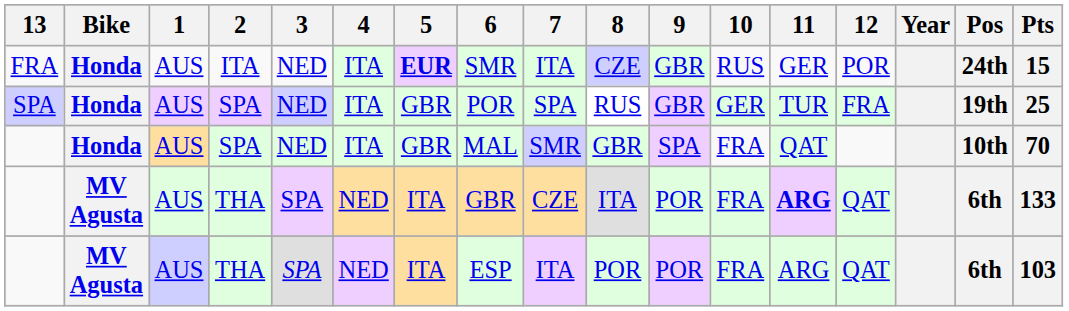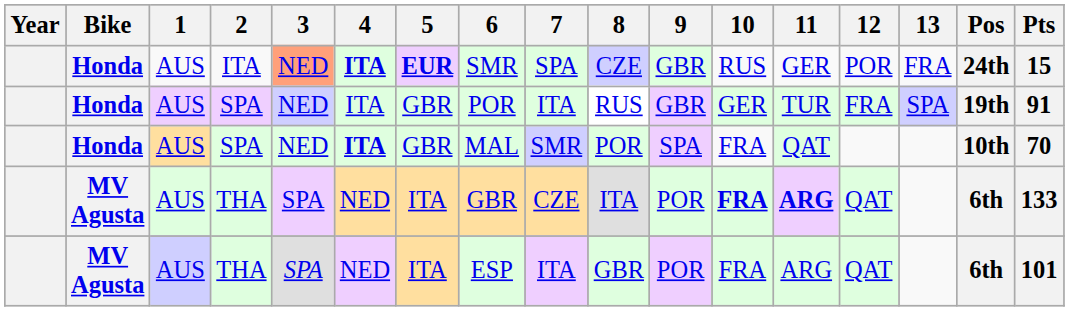 <table class="wikitable" style="text-align:center; font-size:90%;">
 <tr>
-<th>13</th>
+<th>Year</th>
 <th>Bike</th>
 <th>1</th>
 <th>2</th>
 <th>3</th>
 <th>4</th>
 <th>5</th>
 <th>6</th>
 <th>7</th>
 <th>8</th>
 <th>9</th>
 <th>10</th>
 <th>11</th>
 <th>12</th>
-<th>Year</th>
+<th>13</th>
 <th>Pos</th>
 <th>Pts</th>
 </tr>
 <tr>
-<td><a href='#'>FRA</a></td>
+<th></th>
 <th><a href='#'>Honda</a></th>
 <td><a href='#'>AUS</a></td>
 <td><a href='#'>ITA</a></td>
-<td><a href='#'>NED</a></td>
-<td style="background:#DFFFDF;"><a href='#'>ITA</a><br></td>
+<td style="background: lightsalmon;"><a href='#'>NED</a></td>
+<td style="background:#DFFFDF;"><strong><a href='#'>ITA</a><br></strong></td>
 <td style="background:#EFCFFF;"><strong><a href='#'>EUR</a><br></strong></td>
 <td style="background:#DFFFDF;"><a href='#'>SMR</a><br></td>
-<td style="background:#DFFFDF;"><a href='#'>ITA</a><br></td>
+<td style="background:#DFFFDF;"><a href='#'>SPA</a><br></td>
 <td style="background:#CFCFFF;"><a href='#'>CZE</a><br></td>
 <td style="background:#DFFFDF;"><a href='#'>GBR</a><br></td>
 <td><a href='#'>RUS</a></td>
 <td><a href='#'>GER</a></td>
 <td><a href='#'>POR</a></td>
-<th></th>
+<td><a href='#'>FRA</a></td>
 <th>24th</th>
 <th>15</th>
 </tr>
 <tr>
-<td style="background:#CFCFFF;"><a href='#'>SPA</a><br></td>
+<th></th>
 <th><a href='#'>Honda</a></th>
 <td style="background:#EFCFFF;"><a href='#'>AUS</a><br></td>
 <td style="background:#EFCFFF;"><a href='#'>SPA</a><br></td>
 <td style="background:#CFCFFF;"><a href='#'>NED</a><br></td>
 <td style="background:#DFFFDF;"><a href='#'>ITA</a><br></td>
 <td style="background:#DFFFDF;"><a href='#'>GBR</a><br></td>
 <td style="background:#DFFFDF;"><a href='#'>POR</a><br></td>
-<td style="background:#DFFFDF;"><a href='#'>SPA</a><br></td>
+<td style="background:#DFFFDF;"><a href='#'>ITA</a><br></td>
 <td style="background:#FFFFFF;"><a href='#'>RUS</a><br></td>
 <td style="background:#EFCFFF;"><a href='#'>GBR</a><br></td>
 <td style="background:#DFFFDF;"><a href='#'>GER</a><br></td>
 <td style="background:#DFFFDF;"><a href='#'>TUR</a><br></td>
 <td style="background:#DFFFDF;"><a href='#'>FRA</a><br></td>
-<th></th>
+<td style="background:#CFCFFF;"><a href='#'>SPA</a><br></td>
 <th>19th</th>
-<th>25</th>
+<th>91</th>
 </tr>
 <tr>
-<td></td>
+<th></th>
 <th><a href='#'>Honda</a></th>
 <td style="background:#ffdf9f;"><a href='#'>AUS</a><br></td>
 <td style="background:#DFFFDF;"><a href='#'>SPA</a><br></td>
 <td style="background:#DFFFDF;"><a href='#'>NED</a><br></td>
-<td style="background:#DFFFDF;"><a href='#'>ITA</a><br></td>
+<td style="background:#DFFFDF;"><strong><a href='#'>ITA</a><br></strong></td>
 <td style="background:#DFFFDF;"><a href='#'>GBR</a><br></td>
 <td style="background:#DFFFDF;"><a href='#'>MAL</a><br></td>
 <td style="background:#CFCFFF;"><a href='#'>SMR</a><br></td>
-<td style="background:#dfffdf;"><a href='#'>GBR</a><br></td>
+<td style="background:#DFFFDF;"><a href='#'>POR</a><br></td>
 <td style="background:#EFCFFF;"><a href='#'>SPA</a><br></td>
 <td><a href='#'>FRA</a></td>
 <td style="background:#DFFFDF;"><a href='#'>QAT</a><br></td>
 <td></td>
-<th></th>
+<td></td>
 <th>10th</th>
 <th>70</th>
 </tr>
 <tr>
-<td></td>
+<th></th>
 <th><a href='#'>MV Agusta</a></th>
 <td style="background:#dfffdf;"><a href='#'>AUS</a><br></td>
 <td style="background:#dfffdf;"><a href='#'>THA</a><br></td>
 <td style="background:#efcfff;"><a href='#'>SPA</a><br></td>
 <td style="background:#ffdf9f;"><a href='#'>NED</a><br></td>
 <td style="background:#ffdf9f;"><a href='#'>ITA</a><br></td>
 <td style="background:#ffdf9f;"><a href='#'>GBR</a><br></td>
 <td style="background:#ffdf9f;"><a href='#'>CZE</a><br></td>
 <td style="background:#dfdfdf;"><a href='#'>ITA</a><br></td>
 <td style="background:#dfffdf;"><a href='#'>POR</a><br></td>
-<td style="background:#dfffdf;"><a href='#'>FRA</a><br></td>
+<td style="background:#dfffdf;"><strong><a href='#'>FRA</a><br></strong></td>
 <td style="background:#efcfff;"><strong><a href='#'>ARG</a><br></strong></td>
 <td style="background:#dfffdf;"><a href='#'>QAT</a><br></td>
-<th></th>
+<td></td>
 <th>6th</th>
 <th>133</th>
 </tr>
 <tr>
-<td></td>
+<th></th>
 <th><a href='#'>MV Agusta</a></th>
 <td style="background:#CFCFFF;"><a href='#'>AUS</a><br></td>
 <td style="background:#dfffdf;"><a href='#'>THA</a><br></td>
 <td style="background:#dfdfdf;"><em><a href='#'>SPA</a></em><br></td>
 <td style="background:#efcfff;"><a href='#'>NED</a><br></td>
 <td style="background:#ffdf9f;"><a href='#'>ITA</a><br></td>
 <td style="background:#dfffdf;"><a href='#'>ESP</a><br></td>
 <td style="background:#efcfff;"><a href='#'>ITA</a><br></td>
-<td style="background:#DFFFDF;"><a href='#'>POR</a><br></td>
+<td style="background:#dfffdf;"><a href='#'>GBR</a><br></td>
 <td style="background:#efcfff;"><a href='#'>POR</a><br></td>
 <td style="background:#dfffdf;"><a href='#'>FRA</a><br></td>
 <td style="background:#dfffdf;"><a href='#'>ARG</a><br></td>
 <td style="background:#dfffdf;"><a href='#'>QAT</a><br></td>
-<th></th>
+<td></td>
 <th>6th</th>
-<th>103</th>
+<th>101</th>
 </tr>
 </table>
